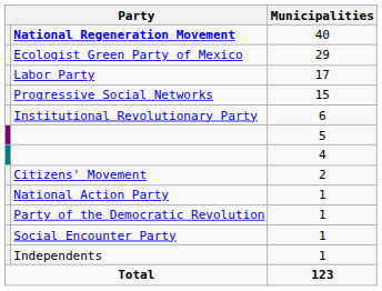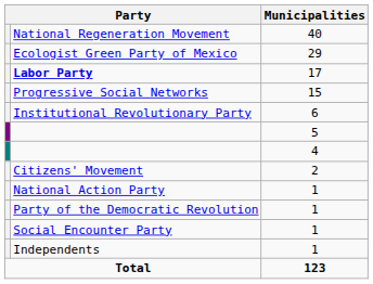 <table class="wikitable" style="text-align:center;">
 <tr>
 <th colspan="2">Party</th>
 <th>Municipalities</th>
 </tr>
 <tr>
 <th style="background-color:"></th>
-<td style="text-align:left;"><strong><a href='#'>National Regeneration Movement</a></strong></td>
+<td style="text-align:left;"><a href='#'>National Regeneration Movement</a></td>
 <td>40</td>
 </tr>
 <tr>
 <th style="background-color:"></th>
 <td style="text-align:left;"><a href='#'>Ecologist Green Party of Mexico</a></td>
 <td>29</td>
 </tr>
 <tr>
 <th style="background-color:"></th>
-<td style="text-align:left;"><a href='#'>Labor Party</a></td>
+<td style="text-align:left;"><strong><a href='#'>Labor Party</a></strong></td>
 <td>17</td>
 </tr>
 <tr>
 <th style="background-color:"></th>
 <td style="text-align:left;"><a href='#'>Progressive Social Networks</a></td>
 <td>15</td>
 </tr>
 <tr>
 <th style="background-color:"></th>
 <td style="text-align:left;"><a href='#'>Institutional Revolutionary Party</a></td>
 <td>6</td>
 </tr>
 <tr>
 <th style="background-color:#800080;"></th>
 <td style="text-align:left;"><em></em></td>
 <td>5</td>
 </tr>
 <tr>
 <th style="background-color:#008080;"></th>
 <td style="text-align:left;"><em></em></td>
 <td>4</td>
 </tr>
 <tr>
 <th style="background-color:"></th>
 <td style="text-align:left;"><a href='#'>Citizens' Movement</a></td>
 <td>2</td>
 </tr>
 <tr>
 <th style="background-color:"></th>
 <td style="text-align:left;"><a href='#'>National Action Party</a></td>
 <td>1</td>
 </tr>
 <tr>
 <th style="background-color:"></th>
 <td style="text-align:left;"><a href='#'>Party of the Democratic Revolution</a></td>
 <td>1</td>
 </tr>
 <tr>
 <th style="background-color:"></th>
 <td style="text-align:left;"><a href='#'>Social Encounter Party</a></td>
 <td>1</td>
 </tr>
 <tr>
 <th style="background-color:"></th>
 <td style="text-align:left;">Independents</td>
 <td>1</td>
 </tr>
 <tr>
 <td colspan="2"><strong>Total</strong></td>
 <td><strong>123</strong></td>
 </tr>
 </table>
